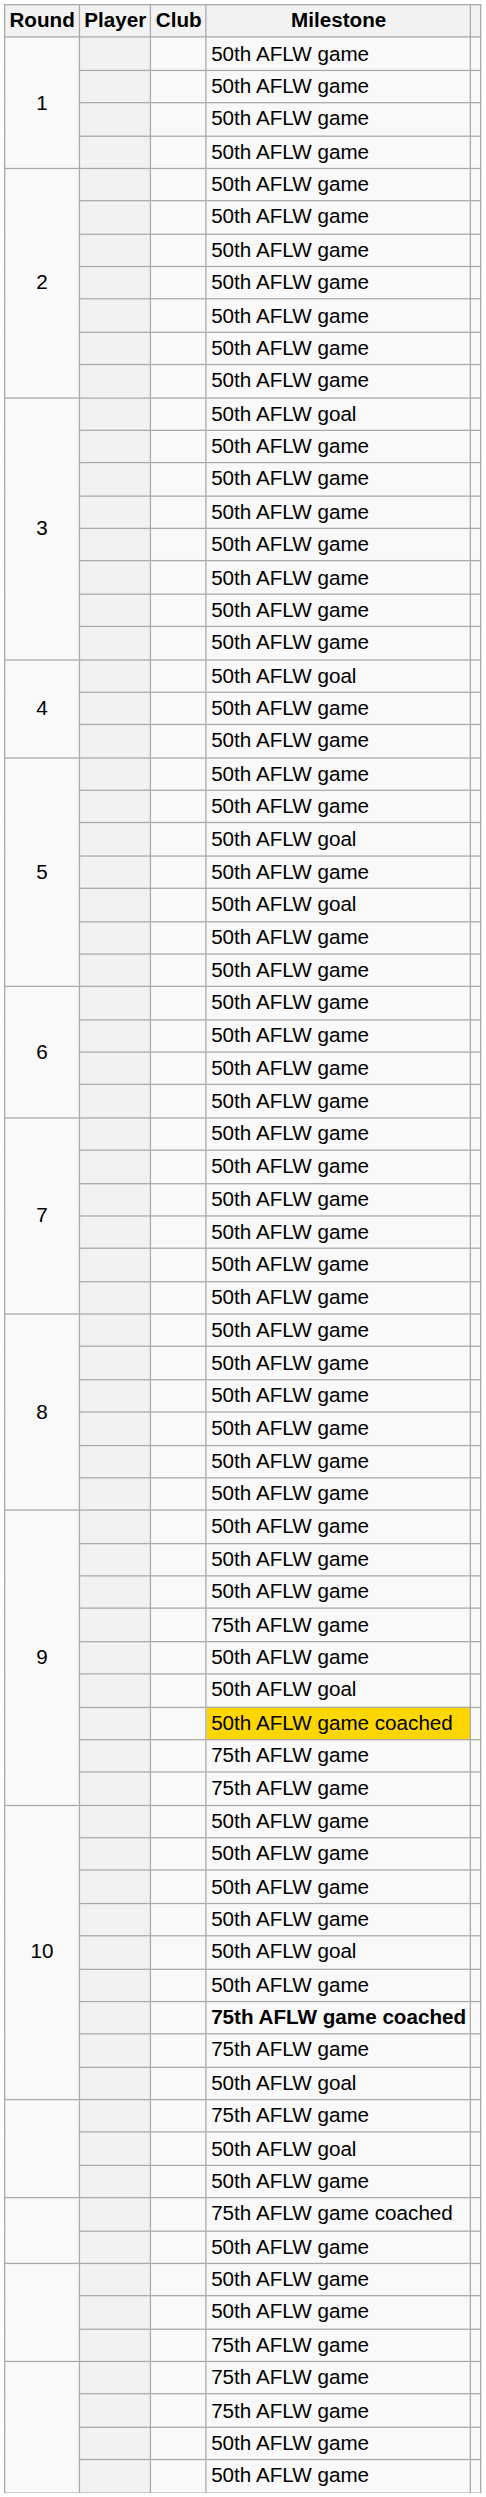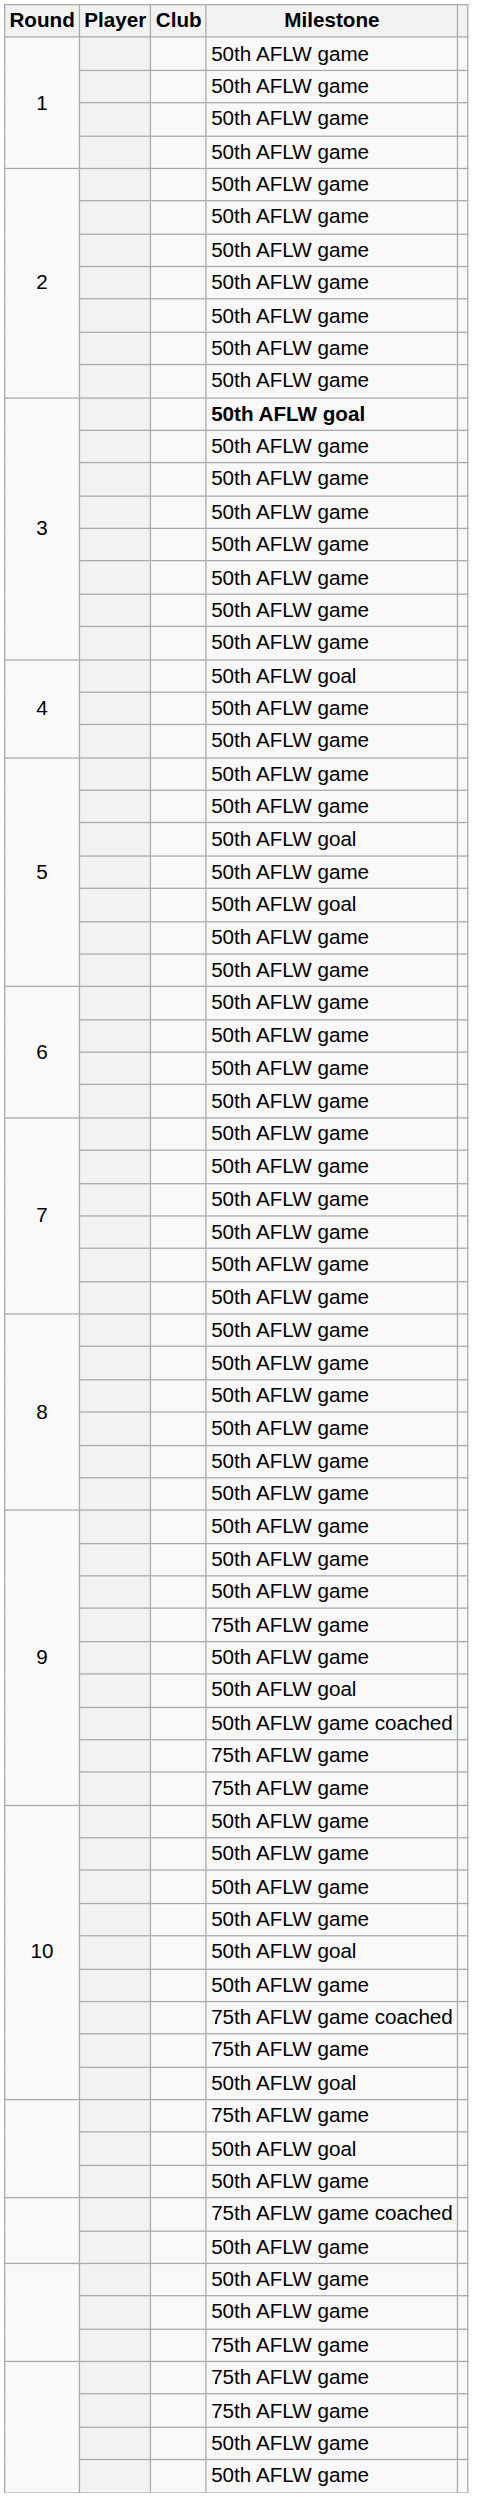 <table class="wikitable plainrowheaders sortable">
 <tr>
 <th class=unsortable>Round</th>
 <th>Player</th>
 <th>Club</th>
 <th>Milestone</th>
 <th class=unsortable></th>
 </tr>
 <tr>
 <td rowspan=4 align=center>1</td>
 <th scope=row></th>
 <td></td>
 <td>50th AFLW game</td>
 <td align=center></td>
 </tr>
 <tr>
 <th scope=row></th>
 <td></td>
 <td>50th AFLW game</td>
 <td align=center></td>
 </tr>
 <tr>
 <th scope=row></th>
 <td></td>
 <td>50th AFLW game</td>
 <td align=center></td>
 </tr>
 <tr>
 <th scope=row></th>
 <td></td>
 <td>50th AFLW game</td>
 <td align=center></td>
 </tr>
 <tr>
 <td rowspan=7 align=center>2</td>
 <th scope=row></th>
 <td></td>
 <td>50th AFLW game</td>
 <td align=center></td>
 </tr>
 <tr>
 <th scope=row></th>
 <td></td>
 <td>50th AFLW game</td>
 <td align=center></td>
 </tr>
 <tr>
 <th scope=row></th>
 <td></td>
 <td>50th AFLW game</td>
 <td align=center></td>
 </tr>
 <tr>
 <th scope=row></th>
 <td></td>
 <td>50th AFLW game</td>
 <td align=center></td>
 </tr>
 <tr>
 <th scope=row></th>
 <td></td>
 <td>50th AFLW game</td>
 <td align=center></td>
 </tr>
 <tr>
 <th scope=row></th>
 <td></td>
 <td>50th AFLW game</td>
 <td align=center></td>
 </tr>
 <tr>
 <th scope=row></th>
 <td></td>
 <td>50th AFLW game</td>
 <td align=center></td>
 </tr>
 <tr>
 <td rowspan=8 align=center>3</td>
 <th scope=row></th>
 <td></td>
-<td>50th AFLW goal</td>
+<td><strong>50th AFLW goal</strong></td>
 <td align=center></td>
 </tr>
 <tr>
 <th scope=row></th>
 <td></td>
 <td>50th AFLW game</td>
 <td align=center></td>
 </tr>
 <tr>
 <th scope=row></th>
 <td></td>
 <td>50th AFLW game</td>
 <td align=center></td>
 </tr>
 <tr>
 <th scope=row></th>
 <td></td>
 <td>50th AFLW game</td>
 <td align=center></td>
 </tr>
 <tr>
 <th scope=row></th>
 <td></td>
 <td>50th AFLW game</td>
 <td align=center></td>
 </tr>
 <tr>
 <th scope=row></th>
 <td></td>
 <td>50th AFLW game</td>
 <td align=center></td>
 </tr>
 <tr>
 <th scope=row></th>
 <td></td>
 <td>50th AFLW game</td>
 <td align=center></td>
 </tr>
 <tr>
 <th scope=row></th>
 <td></td>
 <td>50th AFLW game</td>
 <td align=center></td>
 </tr>
 <tr>
 <td rowspan=3 align=center>4</td>
 <th scope=row></th>
 <td></td>
 <td>50th AFLW goal</td>
 <td align=center></td>
 </tr>
 <tr>
 <th scope=row></th>
 <td></td>
 <td>50th AFLW game</td>
 <td align=center></td>
 </tr>
 <tr>
 <th scope=row></th>
 <td></td>
 <td>50th AFLW game</td>
 <td align=center></td>
 </tr>
 <tr>
 <td rowspan=7 align=center>5</td>
 <th scope=row></th>
 <td></td>
 <td>50th AFLW game</td>
 <td align=center></td>
 </tr>
 <tr>
 <th scope=row></th>
 <td></td>
 <td>50th AFLW game</td>
 <td align=center></td>
 </tr>
 <tr>
 <th scope=row></th>
 <td></td>
 <td>50th AFLW goal</td>
 <td align=center></td>
 </tr>
 <tr>
 <th scope=row></th>
 <td></td>
 <td>50th AFLW game</td>
 <td align=center></td>
 </tr>
 <tr>
 <th scope=row></th>
 <td></td>
 <td>50th AFLW goal</td>
 <td align=center></td>
 </tr>
 <tr>
 <th scope=row></th>
 <td></td>
 <td>50th AFLW game</td>
 <td align=center></td>
 </tr>
 <tr>
 <th scope=row></th>
 <td></td>
 <td>50th AFLW game</td>
 <td align=center></td>
 </tr>
 <tr>
 <td rowspan=4 align=center>6</td>
 <th scope=row></th>
 <td></td>
 <td>50th AFLW game</td>
 <td align=center></td>
 </tr>
 <tr>
 <th scope=row></th>
 <td></td>
 <td>50th AFLW game</td>
 <td align=center></td>
 </tr>
 <tr>
 <th scope=row></th>
 <td></td>
 <td>50th AFLW game</td>
 <td align=center></td>
 </tr>
 <tr>
 <th scope=row></th>
 <td></td>
 <td>50th AFLW game</td>
 <td align=center></td>
 </tr>
 <tr>
 <td rowspan=6 align=center>7</td>
 <th scope=row></th>
 <td></td>
 <td>50th AFLW game</td>
 <td align=center></td>
 </tr>
 <tr>
 <th scope=row></th>
 <td></td>
 <td>50th AFLW game</td>
 <td align=center></td>
 </tr>
 <tr>
 <th scope=row></th>
 <td></td>
 <td>50th AFLW game</td>
 <td align=center></td>
 </tr>
 <tr>
 <th scope=row></th>
 <td></td>
 <td>50th AFLW game</td>
 <td align=center></td>
 </tr>
 <tr>
 <th scope=row></th>
 <td></td>
 <td>50th AFLW game</td>
 <td align=center></td>
 </tr>
 <tr>
 <th scope=row></th>
 <td></td>
 <td>50th AFLW game</td>
 <td align=center></td>
 </tr>
 <tr>
 <td rowspan=6 align=center>8</td>
 <th scope=row></th>
 <td></td>
 <td>50th AFLW game</td>
 <td align=center></td>
 </tr>
 <tr>
 <th scope=row></th>
 <td></td>
 <td>50th AFLW game</td>
 <td align=center></td>
 </tr>
 <tr>
 <th scope=row></th>
 <td></td>
 <td>50th AFLW game</td>
 <td align=center></td>
 </tr>
 <tr>
 <th scope=row></th>
 <td></td>
 <td>50th AFLW game</td>
 <td align=center></td>
 </tr>
 <tr>
 <th scope=row></th>
 <td></td>
 <td>50th AFLW game</td>
 <td align=center></td>
 </tr>
 <tr>
 <th scope=row></th>
 <td></td>
 <td>50th AFLW game</td>
 <td align=center></td>
 </tr>
 <tr>
 <td rowspan=9 align=center>9</td>
 <th scope=row></th>
 <td></td>
 <td>50th AFLW game</td>
 <td align=center></td>
 </tr>
 <tr>
 <th scope=row></th>
 <td></td>
 <td>50th AFLW game</td>
 <td align=center></td>
 </tr>
 <tr>
 <th scope=row></th>
 <td></td>
 <td>50th AFLW game</td>
 <td align=center></td>
 </tr>
 <tr>
 <th scope=row></th>
 <td></td>
 <td>75th AFLW game</td>
 <td align=center></td>
 </tr>
 <tr>
 <th scope=row></th>
 <td></td>
 <td>50th AFLW game</td>
 <td align=center></td>
 </tr>
 <tr>
 <th scope=row></th>
 <td></td>
 <td>50th AFLW goal</td>
 <td align=center></td>
 </tr>
 <tr>
 <th scope=row></th>
 <td></td>
-<td style="background: gold;">50th AFLW game coached</td>
+<td>50th AFLW game coached</td>
 <td align=center></td>
 </tr>
 <tr>
 <th scope=row></th>
 <td></td>
 <td>75th AFLW game</td>
 <td align=center></td>
 </tr>
 <tr>
 <th scope=row></th>
 <td></td>
 <td>75th AFLW game</td>
 <td align=center></td>
 </tr>
 <tr>
 <td rowspan=9 align=center>10</td>
 <th scope=row></th>
 <td></td>
 <td>50th AFLW game</td>
 <td align=center></td>
 </tr>
 <tr>
 <th scope=row></th>
 <td></td>
 <td>50th AFLW game</td>
 <td align=center></td>
 </tr>
 <tr>
 <th scope=row></th>
 <td></td>
 <td>50th AFLW game</td>
 <td align=center></td>
 </tr>
 <tr>
 <th scope=row></th>
 <td></td>
 <td>50th AFLW game</td>
 <td align=center></td>
 </tr>
 <tr>
 <th scope=row></th>
 <td></td>
 <td>50th AFLW goal</td>
 <td align=center></td>
 </tr>
 <tr>
 <th scope=row></th>
 <td></td>
 <td>50th AFLW game</td>
 <td align=center></td>
 </tr>
 <tr>
 <th scope=row></th>
 <td></td>
-<td><strong>75th AFLW game coached</strong></td>
+<td>75th AFLW game coached</td>
 <td align=center></td>
 </tr>
 <tr>
 <th scope=row></th>
 <td></td>
 <td>75th AFLW game</td>
 <td align=center></td>
 </tr>
 <tr>
 <th scope=row></th>
 <td></td>
 <td>50th AFLW goal</td>
 <td align=center></td>
 </tr>
 <tr>
 <td rowspan=3 align=center></td>
 <th scope=row></th>
 <td></td>
 <td>75th AFLW game</td>
 <td align=center></td>
 </tr>
 <tr>
 <th scope=row></th>
 <td></td>
 <td>50th AFLW goal</td>
 <td align=center></td>
 </tr>
 <tr>
 <th scope=row></th>
 <td></td>
 <td>50th AFLW game</td>
 <td align=center></td>
 </tr>
 <tr>
 <td rowspan=2 align=center></td>
 <th scope=row></th>
 <td></td>
 <td>75th AFLW game coached</td>
 <td align=center></td>
 </tr>
 <tr>
 <th scope=row></th>
 <td></td>
 <td>50th AFLW game</td>
 <td align=center></td>
 </tr>
 <tr>
 <td rowspan=3 align=center></td>
 <th scope=row></th>
 <td></td>
 <td>50th AFLW game</td>
 <td align=center></td>
 </tr>
 <tr>
 <th scope=row></th>
 <td></td>
 <td>50th AFLW game</td>
 <td align=center></td>
 </tr>
 <tr>
 <th scope=row></th>
 <td></td>
 <td>75th AFLW game</td>
 <td align=center></td>
 </tr>
 <tr>
 <td rowspan=4 align=center></td>
 <th scope=row></th>
 <td></td>
 <td>75th AFLW game</td>
 <td align=center></td>
 </tr>
 <tr>
 <th scope=row></th>
 <td></td>
 <td>75th AFLW game</td>
 <td align=center></td>
 </tr>
 <tr>
 <th scope=row></th>
 <td></td>
 <td>50th AFLW game</td>
 <td align=center></td>
 </tr>
 <tr>
 <th scope=row></th>
 <td></td>
 <td>50th AFLW game</td>
 <td align=center></td>
 </tr>
 </table>
